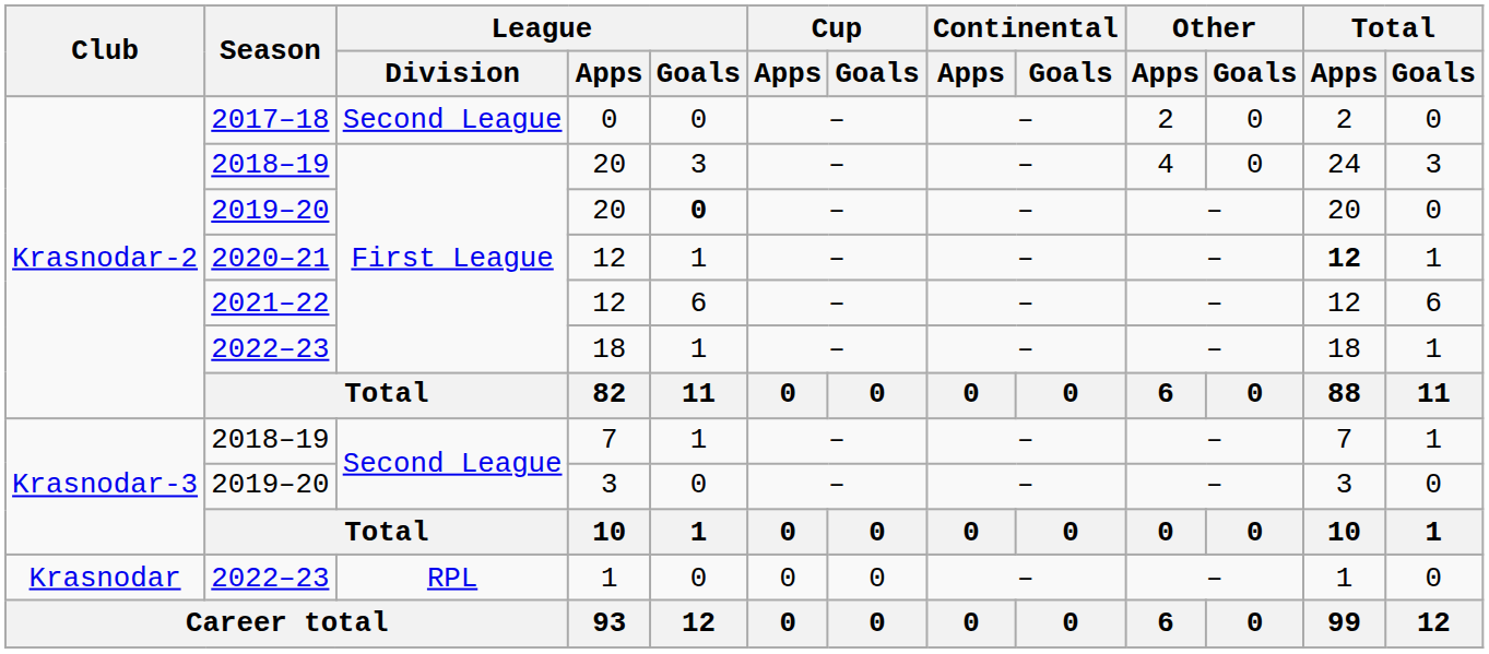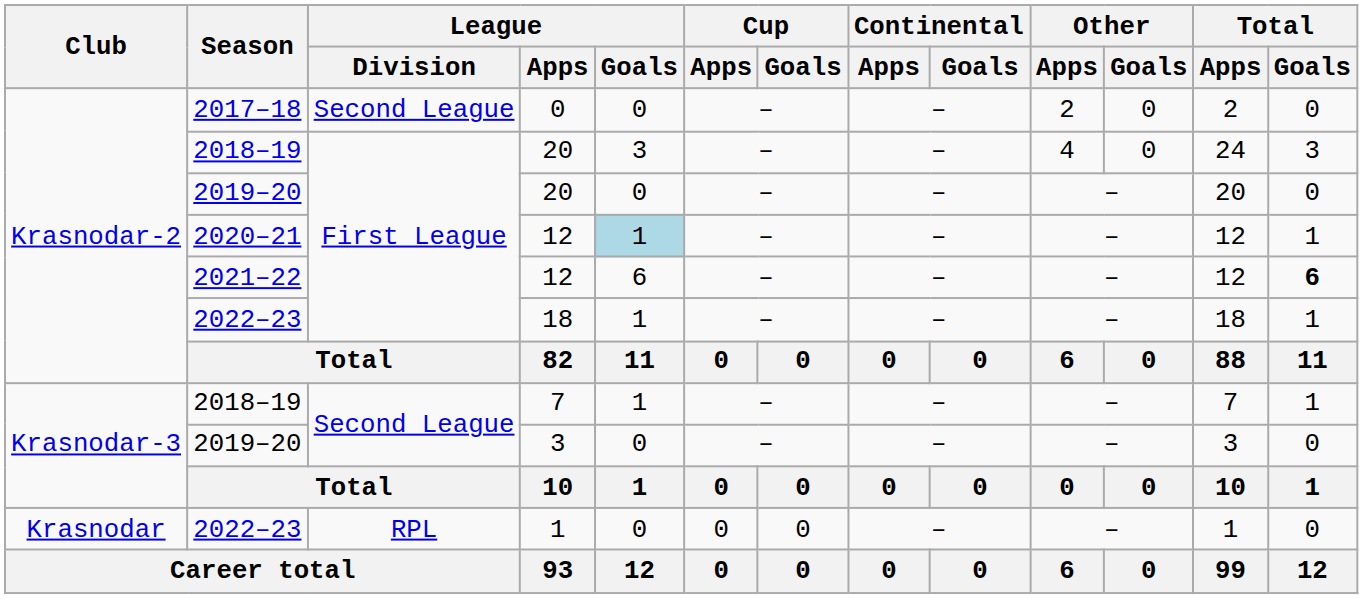 <table class="wikitable" style="text-align: center;">
 <tr>
 <th rowspan=2>Club</th>
 <th rowspan=2>Season</th>
 <th colspan=3>League</th>
 <th colspan=2>Cup</th>
 <th colspan=2>Continental</th>
 <th colspan=2>Other</th>
 <th colspan=2>Total</th>
 </tr>
 <tr>
 <th>Division</th>
 <th>Apps</th>
 <th>Goals</th>
 <th>Apps</th>
 <th>Goals</th>
 <th>Apps</th>
 <th>Goals</th>
 <th>Apps</th>
 <th>Goals</th>
 <th>Apps</th>
 <th>Goals</th>
 </tr>
 <tr>
 <td rowspan=7><a href='#'>Krasnodar-2</a></td>
 <td><a href='#'>2017–18</a></td>
 <td><a href='#'>Second League</a></td>
 <td>0</td>
 <td>0</td>
 <td colspan=2>–</td>
 <td colspan=2>–</td>
 <td>2</td>
 <td>0</td>
 <td>2</td>
 <td>0</td>
 </tr>
 <tr>
 <td><a href='#'>2018–19</a></td>
 <td rowspan=5><a href='#'>First League</a></td>
 <td>20</td>
 <td>3</td>
 <td colspan=2>–</td>
 <td colspan=2>–</td>
 <td>4</td>
 <td>0</td>
 <td>24</td>
 <td>3</td>
 </tr>
 <tr>
 <td><a href='#'>2019–20</a></td>
 <td>20</td>
-<td><strong>0</strong></td>
+<td>0</td>
 <td colspan=2>–</td>
 <td colspan=2>–</td>
 <td colspan=2>–</td>
 <td>20</td>
 <td>0</td>
 </tr>
 <tr>
 <td><a href='#'>2020–21</a></td>
 <td>12</td>
-<td>1</td>
+<td style="background: lightblue;">1</td>
 <td colspan=2>–</td>
 <td colspan=2>–</td>
 <td colspan=2>–</td>
-<td><strong>12</strong></td>
+<td>12</td>
 <td>1</td>
 </tr>
 <tr>
 <td><a href='#'>2021–22</a></td>
 <td>12</td>
 <td>6</td>
 <td colspan=2>–</td>
 <td colspan=2>–</td>
 <td colspan=2>–</td>
 <td>12</td>
-<td>6</td>
+<td><strong>6</strong></td>
 </tr>
 <tr>
 <td><a href='#'>2022–23</a></td>
 <td>18</td>
 <td>1</td>
 <td colspan=2>–</td>
 <td colspan=2>–</td>
 <td colspan=2>–</td>
 <td>18</td>
 <td>1</td>
 </tr>
 <tr>
 <th colspan=2>Total</th>
 <th>82</th>
 <th>11</th>
 <th>0</th>
 <th>0</th>
 <th>0</th>
 <th>0</th>
 <th>6</th>
 <th>0</th>
 <th>88</th>
 <th>11</th>
 </tr>
 <tr>
 <td rowspan="3"><a href='#'>Krasnodar-3</a></td>
 <td>2018–19</td>
 <td rowspan="2"><a href='#'>Second League</a></td>
 <td>7</td>
 <td>1</td>
 <td colspan=2>–</td>
 <td colspan=2>–</td>
 <td colspan=2>–</td>
 <td>7</td>
 <td>1</td>
 </tr>
 <tr>
 <td>2019–20</td>
 <td>3</td>
 <td>0</td>
 <td colspan=2>–</td>
 <td colspan=2>–</td>
 <td colspan=2>–</td>
 <td>3</td>
 <td>0</td>
 </tr>
 <tr>
 <th colspan=2>Total</th>
 <th>10</th>
 <th>1</th>
 <th>0</th>
 <th>0</th>
 <th>0</th>
 <th>0</th>
 <th>0</th>
 <th>0</th>
 <th>10</th>
 <th>1</th>
 </tr>
 <tr>
 <td><a href='#'>Krasnodar</a></td>
 <td><a href='#'>2022–23</a></td>
 <td><a href='#'>RPL</a></td>
 <td>1</td>
 <td>0</td>
 <td>0</td>
 <td>0</td>
 <td colspan=2>–</td>
 <td colspan=2>–</td>
 <td>1</td>
 <td>0</td>
 </tr>
 <tr>
 <th colspan=3>Career total</th>
 <th>93</th>
 <th>12</th>
 <th>0</th>
 <th>0</th>
 <th>0</th>
 <th>0</th>
 <th>6</th>
 <th>0</th>
 <th>99</th>
 <th>12</th>
 </tr>
 </table>
